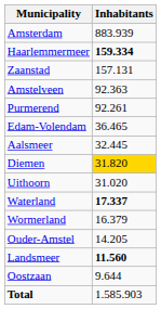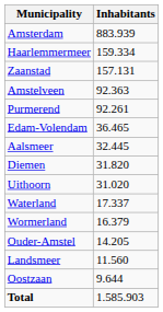 <table class="wikitable">
 <tr>
 <th>Municipality</th>
 <th>Inhabitants</th>
 </tr>
 <tr>
 <td><a href='#'>Amsterdam</a></td>
 <td>883.939</td>
 </tr>
 <tr>
 <td><a href='#'>Haarlemmermeer</a></td>
-<td><strong>159.334</strong></td>
+<td>159.334</td>
 </tr>
 <tr>
 <td><a href='#'>Zaanstad</a></td>
 <td>157.131</td>
 </tr>
 <tr>
 <td><a href='#'>Amstelveen</a></td>
 <td>92.363</td>
 </tr>
 <tr>
 <td><a href='#'>Purmerend</a></td>
 <td>92.261</td>
 </tr>
 <tr>
 <td><a href='#'>Edam-Volendam</a></td>
 <td>36.465</td>
 </tr>
 <tr>
 <td><a href='#'>Aalsmeer</a></td>
 <td>32.445</td>
 </tr>
 <tr>
 <td><a href='#'>Diemen</a></td>
-<td style="background: gold;">31.820</td>
+<td>31.820</td>
 </tr>
 <tr>
 <td><a href='#'>Uithoorn</a></td>
 <td>31.020</td>
 </tr>
 <tr>
 <td><a href='#'>Waterland</a></td>
-<td><strong>17.337</strong></td>
+<td>17.337</td>
 </tr>
 <tr>
 <td><a href='#'>Wormerland</a></td>
 <td>16.379</td>
 </tr>
 <tr>
 <td><a href='#'>Ouder-Amstel</a></td>
 <td>14.205</td>
 </tr>
 <tr>
 <td><a href='#'>Landsmeer</a></td>
-<td><strong>11.560</strong></td>
+<td>11.560</td>
 </tr>
 <tr>
 <td><a href='#'>Oostzaan</a></td>
 <td>9.644</td>
 </tr>
 <tr>
 <td><strong>Total</strong></td>
 <td>1.585.903</td>
 </tr>
 </table>
